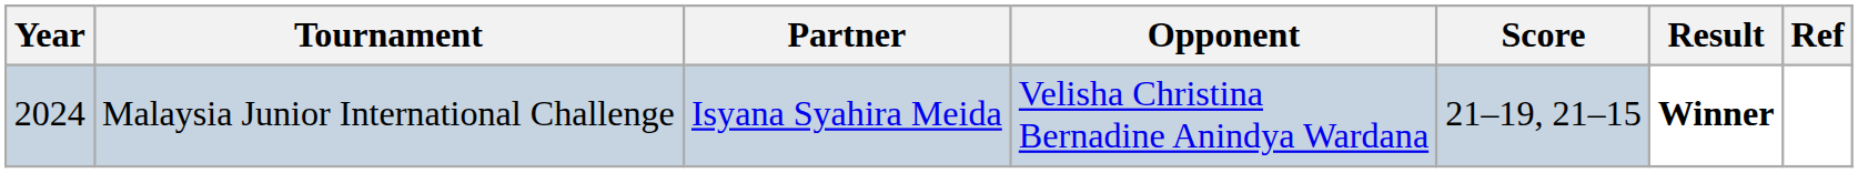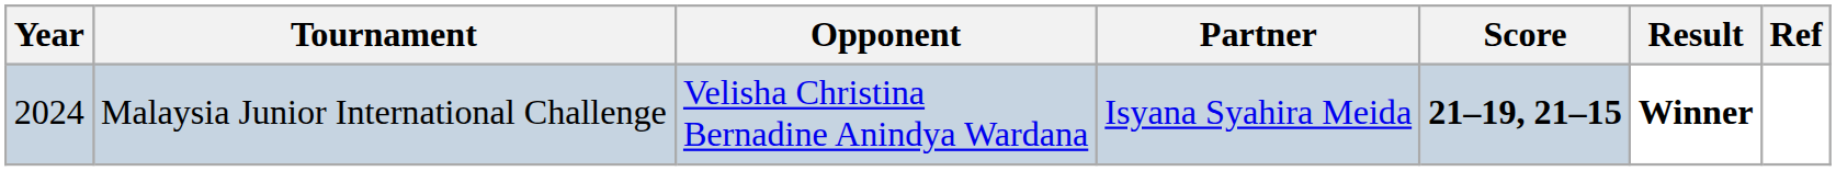 <table class="sortable wikitable" style="font-size: 90%">
 <tr>
 <th>Year</th>
 <th>Tournament</th>
+<th>Opponent</th>
 <th>Partner</th>
-<th>Opponent</th>
 <th>Score</th>
 <th>Result</th>
 <th>Ref</th>
 </tr>
 <tr style="background:#C6D4E1">
 <td align="center">2024</td>
 <td align="left">Malaysia Junior International Challenge</td>
+<td align="left"> <a href='#'>Velisha Christina</a><br> <a href='#'>Bernadine Anindya Wardana</a></td>
 <td align="left"> <a href='#'>Isyana Syahira Meida</a></td>
-<td align="left"> <a href='#'>Velisha Christina</a><br> <a href='#'>Bernadine Anindya Wardana</a></td>
-<td align="left">21–19, 21–15</td>
+<td align="left"><strong>21–19, 21–15</strong></td>
 <td style="text-align:left; background:white"> <strong>Winner</strong></td>
 <td style="text-align:center; background:white"></td>
 </tr>
 </table>
